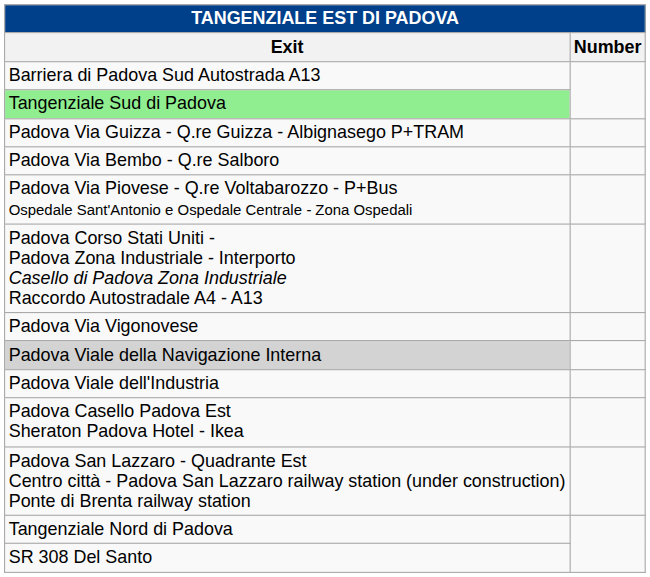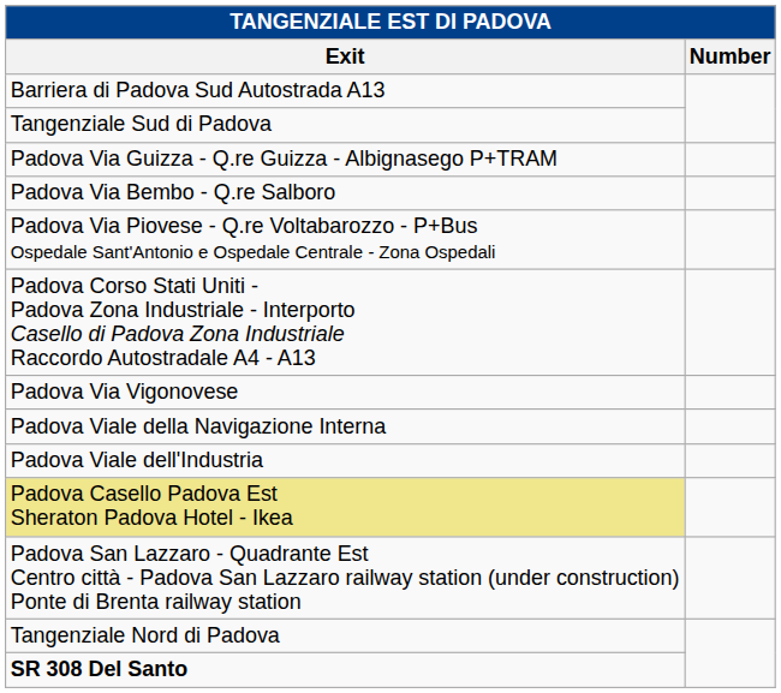 <table class="wikitable" border="1">
 <tr>
 </tr>
 <tr align="center" bgcolor="00408B" style="color: white;font-size:100%;">
 <td colspan="4"><strong>TANGENZIALE EST DI PADOVA</strong></td>
 </tr>
 <tr>
 <th align="center"><strong>Exit</strong></th>
 <th align="center"><strong>Number</strong></th>
 </tr>
 <tr>
 <td>Barriera di Padova Sud Autostrada A13 <em></td>
 </tr>
 <tr>
-<td style="background: lightgreen;"> Tangenziale Sud di Padova</td>
+<td> Tangenziale Sud di Padova</td>
 </tr>
 <tr>
 <td>Padova Via Guizza - Q.re Guizza - Albignasego P+TRAM</td>
 <td></td>
 </tr>
 <tr>
 <td> Padova Via Bembo - Q.re Salboro</td>
 <td></td>
 </tr>
 <tr>
 <td> Padova Via Piovese - Q.re Voltabarozzo - P+Bus<br><small> </em>Ospedale Sant'Antonio e Ospedale Centrale<em> - </em>Zona Ospedali<em></small></td>
 <td></td>
 </tr>
 <tr>
 <td>Padova Corso Stati Uniti - <br> </em>Padova Zona Industriale - Interporto<em><br>Casello di Padova Zona Industriale<br></em>Raccordo Autostradale A4 - A13<em></td>
 <td></td>
 </tr>
 <tr>
 <td>Padova Via Vigonovese </td>
 <td></td>
 </tr>
 <tr>
-<td style="background: lightgrey;">Padova Viale della Navigazione Interna </td>
+<td>Padova Viale della Navigazione Interna </td>
 <td></td>
 </tr>
 <tr>
 <td>Padova Viale dell'Industria </td>
 <td></td>
 </tr>
 <tr>
-<td> Padova Casello Padova Est <br>Sheraton Padova Hotel - Ikea</td>
+<td style="background: khaki;"> Padova Casello Padova Est <br>Sheraton Padova Hotel - Ikea</td>
 <td></td>
 </tr>
 <tr>
 <td>Padova San Lazzaro - Quadrante Est <br> Centro città - Padova San Lazzaro railway station (under construction)<br>Ponte di Brenta railway station</td>
 <td></td>
 </tr>
 <tr>
 <td>Tangenziale Nord di Padova</td>
 </tr>
 <tr>
-<td> SR 308 Del Santo</td>
+<td><strong> SR 308 Del Santo</strong></td>
 </tr>
 </table>
